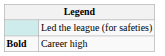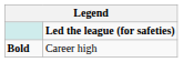 <table class="wikitable mw-collapsible">
 <tr>
 <th colspan="2">Legend</th>
 </tr>
 <tr>
 <td style="background:#cfecec; width:3em;"></td>
-<td>Led the league (for safeties)</td>
+<td><strong>Led the league (for safeties)</strong></td>
 </tr>
 <tr>
 <td><strong>Bold</strong></td>
 <td>Career high</td>
 </tr>
 </table>
